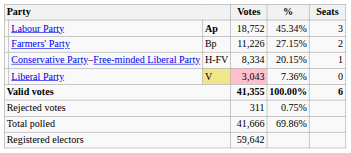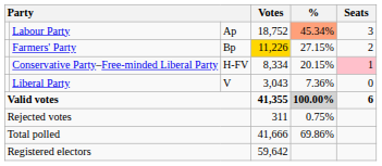 <table class="wikitable" border="1" style="text-align:right;">
 <tr>
 <th style="text-align:left;" colspan=3>Party</th>
 <th align=center width="50">Votes</th>
 <th align=center width="50">%</th>
 <th align=center width="50">Seats</th>
 </tr>
 <tr>
 <td style="color:inherit;background:"></td>
 <td align=left><a href='#'>Labour Party</a></td>
-<td align=left><strong>Ap</strong></td>
+<td align=left>Ap</td>
 <td>18,752</td>
-<td>45.34%</td>
+<td style="background: lightsalmon;">45.34%</td>
 <td>3</td>
 </tr>
 <tr>
 <td style="color:inherit;background:"></td>
 <td align=left><a href='#'>Farmers' Party</a></td>
 <td align=left>Bp</td>
-<td>11,226</td>
+<td style="background: gold;">11,226</td>
 <td>27.15%</td>
 <td>2</td>
 </tr>
 <tr>
 <td></td>
 <td align=left><a href='#'>Conservative Party</a>–<a href='#'>Free-minded Liberal Party</a></td>
 <td align=left>H-FV</td>
 <td>8,334</td>
 <td>20.15%</td>
-<td>1</td>
+<td style="background: pink;">1</td>
 </tr>
 <tr>
 <td style="color:inherit;background:"></td>
 <td align=left><a href='#'>Liberal Party</a></td>
-<td align=left style="background: khaki;">V</td>
-<td style="background: pink;">3,043</td>
+<td align=left>V</td>
+<td>3,043</td>
 <td>7.36%</td>
 <td>0</td>
 </tr>
 <tr style="font-weight:bold">
 <td align=left colspan=3>Valid votes</td>
 <td>41,355</td>
-<td>100.00%</td>
+<td style="background: lightgrey;">100.00%</td>
 <td>6</td>
 </tr>
 <tr>
 <td align=left colspan=3>Rejected votes</td>
 <td>311</td>
 <td>0.75%</td>
 <td></td>
 </tr>
 <tr>
 <td align=left colspan=3>Total polled</td>
 <td>41,666</td>
 <td>69.86%</td>
 <td></td>
 </tr>
 <tr>
 <td align=left colspan=3>Registered electors</td>
 <td>59,642</td>
 <td></td>
 <td></td>
 </tr>
 </table>
